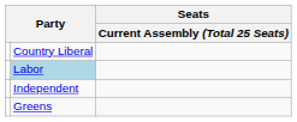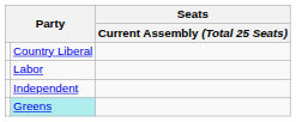 <table class="wikitable">
 <tr>
 <th colspan=2 rowspan=2>Party</th>
 <th colspan=2>Seats</th>
 </tr>
 <tr>
 <th colspan="2">Current Assembly <em>(Total 25 Seats)</em></th>
 </tr>
 <tr>
 <td></td>
 <td align="left"><a href='#'>Country Liberal</a></td>
 <td></td>
 </tr>
 <tr>
 <td></td>
-<td style="background: lightblue;"><a href='#'>Labor</a></td>
+<td><a href='#'>Labor</a></td>
 <td></td>
 </tr>
 <tr>
 <td></td>
 <td><a href='#'>Independent</a></td>
 <td></td>
 </tr>
 <tr>
 <td></td>
-<td><a href='#'>Greens</a></td>
+<td style="background: paleturquoise;"><a href='#'>Greens</a></td>
 <td><br></td>
 </tr>
 </table>
